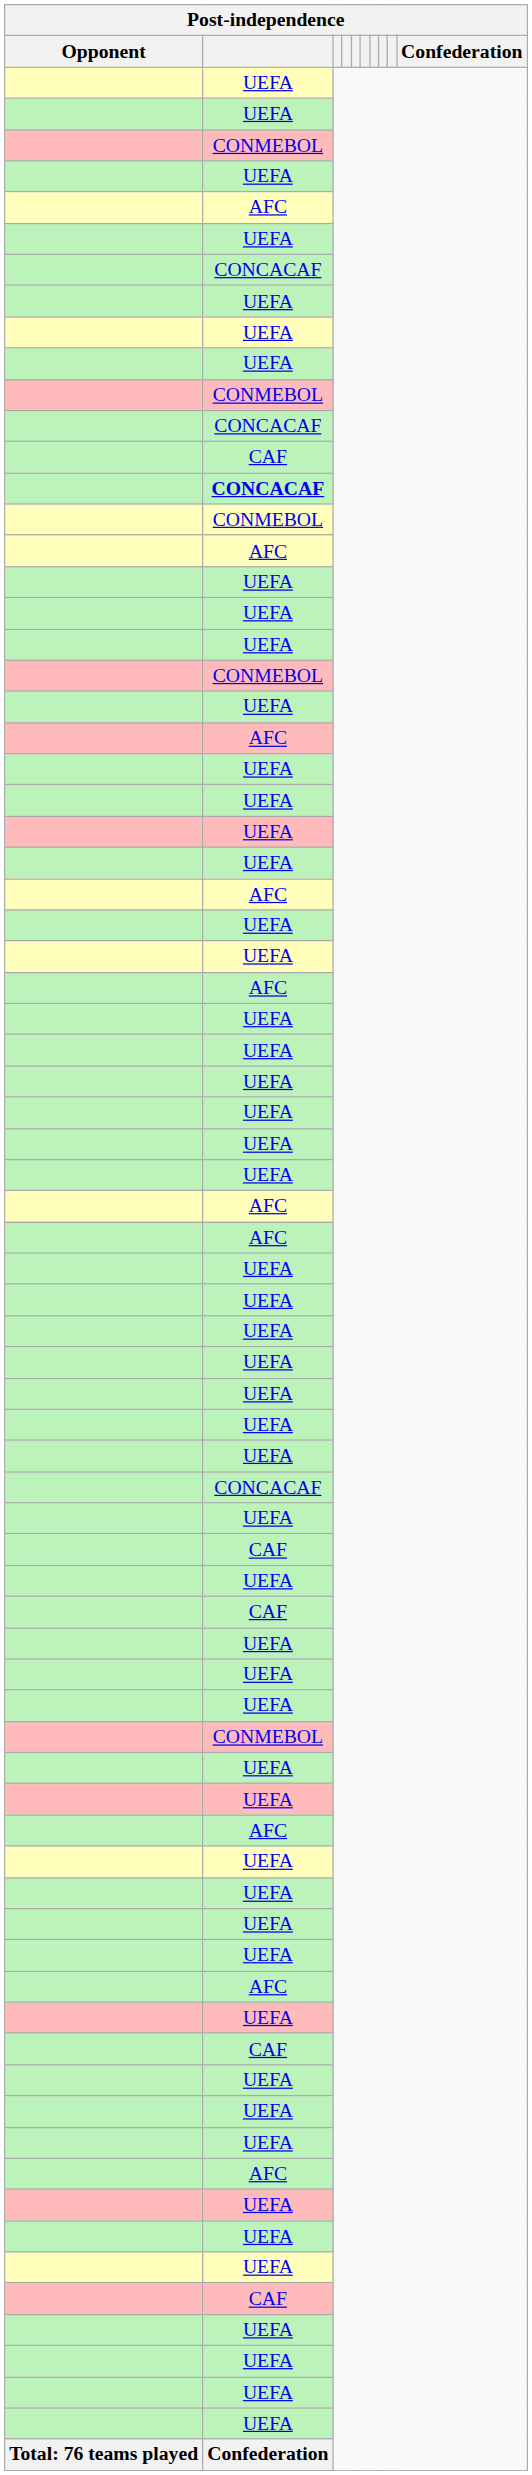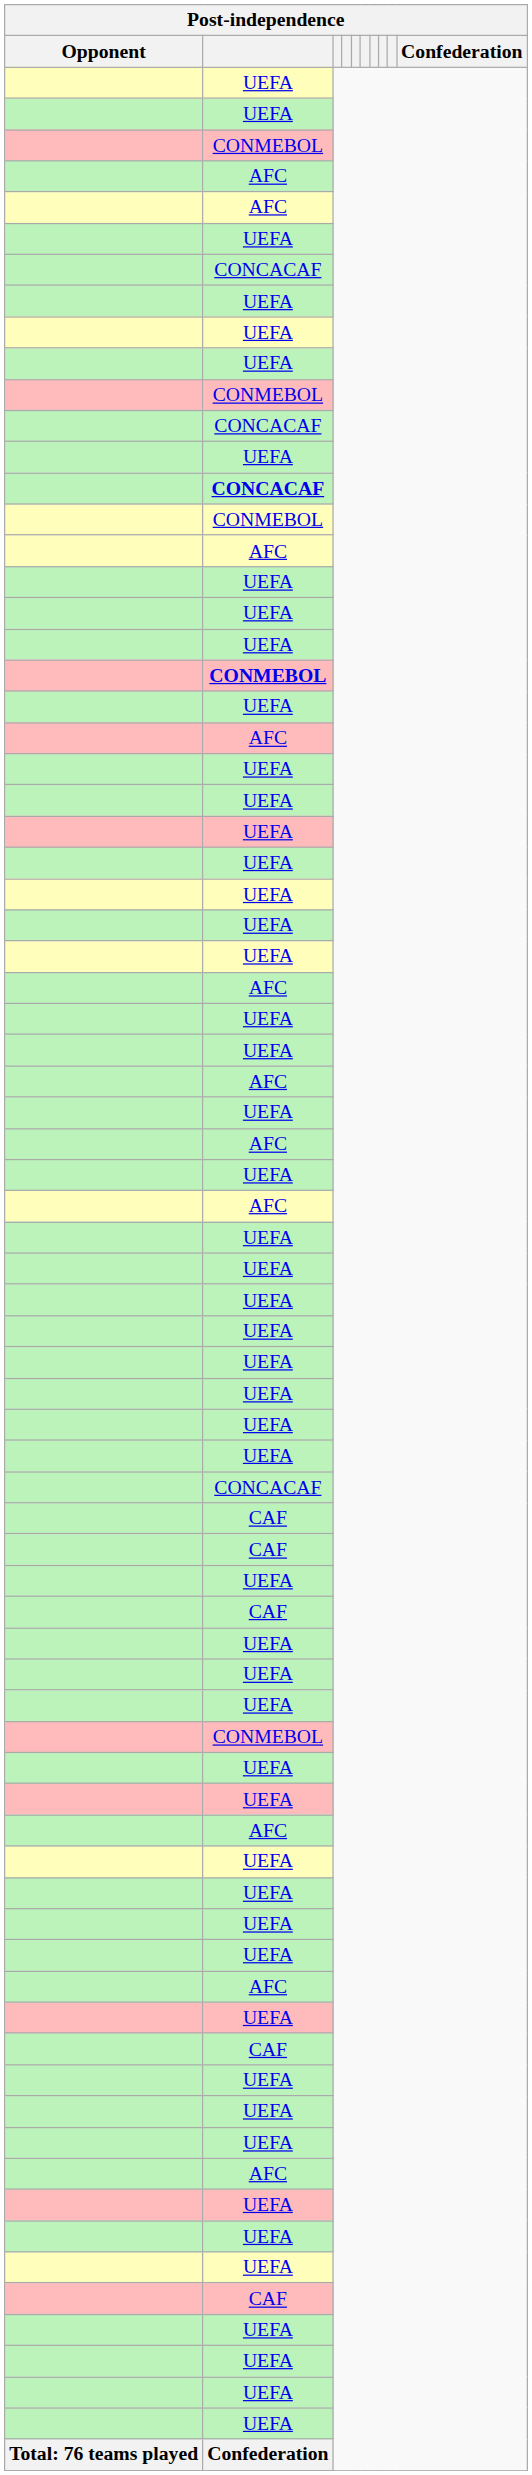 <table class="wikitable sortable" style="text-align: center">
 <tr>
 <th colspan="10">Post-independence</th>
 </tr>
 <tr style="color:black;">
 <th>Opponent</th>
 <th></th>
 <th></th>
 <th></th>
 <th></th>
 <th></th>
 <th></th>
 <th></th>
 <th></th>
 <th>Confederation</th>
 </tr>
 <tr bgcolor="#ffffbb">
 <td style="text-align:left;"><br></td>
 <td><a href='#'>UEFA</a></td>
 </tr>
 <tr bgcolor="#bbf3bb">
 <td style="text-align:left;"><br></td>
 <td><a href='#'>UEFA</a></td>
 </tr>
 <tr bgcolor="#ffbbbb">
 <td style="text-align:left;"><br></td>
 <td><a href='#'>CONMEBOL</a></td>
 </tr>
 <tr bgcolor="#bbf3bb">
 <td style="text-align:left;"><br></td>
-<td><a href='#'>UEFA</a></td>
+<td><a href='#'>AFC</a></td>
 </tr>
 <tr bgcolor="#ffffbb">
 <td style="text-align:left;"><br></td>
 <td><a href='#'>AFC</a></td>
 </tr>
 <tr bgcolor="#bbf3bb">
 <td style="text-align:left;"><br></td>
 <td><a href='#'>UEFA</a></td>
 </tr>
 <tr bgcolor="#bbf3bb">
 <td style="text-align:left;"><br></td>
 <td><a href='#'>CONCACAF</a></td>
 </tr>
 <tr bgcolor="#bbf3bb">
 <td style="text-align:left;"><br></td>
 <td><a href='#'>UEFA</a></td>
 </tr>
 <tr bgcolor="#ffffbb">
 <td style="text-align:left;"><br></td>
 <td><a href='#'>UEFA</a></td>
 </tr>
 <tr bgcolor="#bbf3bb">
 <td style="text-align:left;"><br></td>
 <td><a href='#'>UEFA</a></td>
 </tr>
 <tr bgcolor="#ffbbbb">
 <td style="text-align:left;"><br></td>
 <td><a href='#'>CONMEBOL</a></td>
 </tr>
 <tr bgcolor="#bbf3bb">
 <td style="text-align:left;"><br></td>
 <td><a href='#'>CONCACAF</a></td>
 </tr>
 <tr bgcolor="#bbf3bb">
 <td style="text-align:left;"><br></td>
-<td><a href='#'>CAF</a></td>
+<td><a href='#'>UEFA</a></td>
 </tr>
 <tr bgcolor="#bbf3bb">
 <td style="text-align:left;"><br></td>
 <td><strong><a href='#'>CONCACAF</a></strong></td>
 </tr>
 <tr bgcolor="#ffffbb">
 <td style="text-align:left;"><br></td>
 <td><a href='#'>CONMEBOL</a></td>
 </tr>
 <tr bgcolor="#ffffbb">
 <td style="text-align:left;"><br></td>
 <td><a href='#'>AFC</a></td>
 </tr>
 <tr bgcolor="#bbf3bb">
 <td style="text-align:left;"><br></td>
 <td><a href='#'>UEFA</a></td>
 </tr>
 <tr bgcolor="#bbf3bb">
 <td style="text-align:left;"><br></td>
 <td><a href='#'>UEFA</a></td>
 </tr>
 <tr bgcolor="#bbf3bb">
 <td style="text-align:left;"><br></td>
 <td><a href='#'>UEFA</a></td>
 </tr>
 <tr bgcolor="#ffbbbb">
 <td style="text-align:left;"><br></td>
-<td><a href='#'>CONMEBOL</a></td>
+<td><strong><a href='#'>CONMEBOL</a></strong></td>
 </tr>
 <tr bgcolor="#bbf3bb">
 <td style="text-align:left;"><br></td>
 <td><a href='#'>UEFA</a></td>
 </tr>
 <tr bgcolor="#ffbbbb">
 <td style="text-align:left;"><br></td>
 <td><a href='#'>AFC</a></td>
 </tr>
 <tr bgcolor="#bbf3bb">
 <td style="text-align:left;"><br></td>
 <td><a href='#'>UEFA</a></td>
 </tr>
 <tr bgcolor="#bbf3bb">
 <td style="text-align:left;"><br></td>
 <td><a href='#'>UEFA</a></td>
 </tr>
 <tr bgcolor="#ffbbbb">
 <td style="text-align:left;"><br></td>
 <td><a href='#'>UEFA</a></td>
 </tr>
 <tr bgcolor="#bbf3bb">
 <td style="text-align:left;"><br></td>
 <td><a href='#'>UEFA</a></td>
 </tr>
 <tr bgcolor="#ffffbb">
 <td style="text-align:left;"><br></td>
-<td><a href='#'>AFC</a></td>
+<td><a href='#'>UEFA</a></td>
 </tr>
 <tr bgcolor="#bbf3bb">
 <td style="text-align:left;"><br></td>
 <td><a href='#'>UEFA</a></td>
 </tr>
 <tr bgcolor="#ffffbb">
 <td style="text-align:left;"><br></td>
 <td><a href='#'>UEFA</a></td>
 </tr>
 <tr bgcolor="#bbf3bb">
 <td style="text-align:left;"><br></td>
 <td><a href='#'>AFC</a></td>
 </tr>
 <tr bgcolor="#bbf3bb">
 <td style="text-align:left;"><br></td>
 <td><a href='#'>UEFA</a></td>
 </tr>
 <tr bgcolor="#bbf3bb">
 <td style="text-align:left;"><br></td>
 <td><a href='#'>UEFA</a></td>
 </tr>
 <tr bgcolor="#bbf3bb">
 <td style="text-align:left;"><br></td>
-<td><a href='#'>UEFA</a></td>
+<td><a href='#'>AFC</a></td>
 </tr>
 <tr bgcolor="#bbf3bb">
 <td style="text-align:left;"><br></td>
 <td><a href='#'>UEFA</a></td>
 </tr>
 <tr bgcolor="#bbf3bb">
 <td style="text-align:left;"><br></td>
-<td><a href='#'>UEFA</a></td>
+<td><a href='#'>AFC</a></td>
 </tr>
 <tr bgcolor="#bbf3bb">
 <td style="text-align:left;"><br></td>
 <td><a href='#'>UEFA</a></td>
 </tr>
 <tr bgcolor="#ffffbb">
 <td style="text-align:left;"><br></td>
 <td><a href='#'>AFC</a></td>
 </tr>
 <tr bgcolor="#bbf3bb">
 <td style="text-align:left;"><br></td>
-<td><a href='#'>AFC</a></td>
+<td><a href='#'>UEFA</a></td>
 </tr>
 <tr bgcolor="#bbf3bb">
 <td style="text-align:left;"><br></td>
 <td><a href='#'>UEFA</a></td>
 </tr>
 <tr bgcolor="#bbf3bb">
 <td style="text-align:left;"><br></td>
 <td><a href='#'>UEFA</a></td>
 </tr>
 <tr bgcolor="#bbf3bb">
 <td style="text-align:left;"><br></td>
 <td><a href='#'>UEFA</a></td>
 </tr>
 <tr bgcolor="#bbf3bb">
 <td style="text-align:left;"><br></td>
 <td><a href='#'>UEFA</a></td>
 </tr>
 <tr bgcolor="#bbf3bb">
 <td style="text-align:left;"><br></td>
 <td><a href='#'>UEFA</a></td>
 </tr>
 <tr bgcolor="#bbf3bb">
 <td style="text-align:left;"><br></td>
 <td><a href='#'>UEFA</a></td>
 </tr>
 <tr bgcolor="#bbf3bb">
 <td style="text-align:left;"><br></td>
 <td><a href='#'>UEFA</a></td>
 </tr>
 <tr bgcolor="#bbf3bb">
 <td style="text-align:left;"><br></td>
 <td><a href='#'>CONCACAF</a></td>
 </tr>
 <tr bgcolor="#bbf3bb">
 <td style="text-align:left;"><br></td>
-<td><a href='#'>UEFA</a></td>
+<td><a href='#'>CAF</a></td>
 </tr>
 <tr bgcolor="#bbf3bb">
 <td style="text-align:left;"><br></td>
 <td><a href='#'>CAF</a></td>
 </tr>
 <tr bgcolor="#bbf3bb">
 <td style="text-align:left;"><br></td>
 <td><a href='#'>UEFA</a></td>
 </tr>
 <tr bgcolor="#bbf3bb">
 <td style="text-align:left;"><br></td>
 <td><a href='#'>CAF</a></td>
 </tr>
 <tr bgcolor="#bbf3bb">
 <td style="text-align:left;"><br></td>
 <td><a href='#'>UEFA</a></td>
 </tr>
 <tr bgcolor="#bbf3bb">
 <td style="text-align:left;"><br></td>
 <td><a href='#'>UEFA</a></td>
 </tr>
 <tr bgcolor="#bbf3bb">
 <td style="text-align:left;"><br></td>
 <td><a href='#'>UEFA</a></td>
 </tr>
 <tr bgcolor="#ffbbbb">
 <td style="text-align:left;"><br></td>
 <td><a href='#'>CONMEBOL</a></td>
 </tr>
 <tr bgcolor="#bbf3bb">
 <td style="text-align:left;"><br></td>
 <td><a href='#'>UEFA</a></td>
 </tr>
 <tr bgcolor="#ffbbbb">
 <td style="text-align:left;"><br></td>
 <td><a href='#'>UEFA</a></td>
 </tr>
 <tr bgcolor="#bbf3bb">
 <td style="text-align:left;"><br></td>
 <td><a href='#'>AFC</a></td>
 </tr>
 <tr bgcolor="#ffffbb">
 <td style="text-align:left;"><br></td>
 <td><a href='#'>UEFA</a></td>
 </tr>
 <tr bgcolor="#bbf3bb">
 <td style="text-align:left;"><br></td>
 <td><a href='#'>UEFA</a></td>
 </tr>
 <tr bgcolor="#bbf3bb">
 <td style="text-align:left;"><br></td>
 <td><a href='#'>UEFA</a></td>
 </tr>
 <tr bgcolor="#bbf3bb">
 <td style="text-align:left;"><br></td>
 <td><a href='#'>UEFA</a></td>
 </tr>
 <tr bgcolor="#bbf3bb">
 <td style="text-align:left;"><br></td>
 <td><a href='#'>AFC</a></td>
 </tr>
 <tr bgcolor="#ffbbbb">
 <td style="text-align:left;"><br></td>
 <td><a href='#'>UEFA</a></td>
 </tr>
 <tr bgcolor="#bbf3bb">
 <td style="text-align:left;"><br></td>
 <td><a href='#'>CAF</a></td>
 </tr>
 <tr bgcolor="#bbf3bb">
 <td style="text-align:left;"><br></td>
 <td><a href='#'>UEFA</a></td>
 </tr>
 <tr bgcolor="#bbf3bb">
 <td style="text-align:left;"><br></td>
 <td><a href='#'>UEFA</a></td>
 </tr>
 <tr bgcolor="#bbf3bb">
 <td style="text-align:left;"><br></td>
 <td><a href='#'>UEFA</a></td>
 </tr>
 <tr bgcolor="#bbf3bb">
 <td style="text-align:left;"><br></td>
 <td><a href='#'>AFC</a></td>
 </tr>
 <tr bgcolor="#ffbbbb">
 <td style="text-align:left;"><br></td>
 <td><a href='#'>UEFA</a></td>
 </tr>
 <tr bgcolor="#bbf3bb">
 <td style="text-align:left;"><br></td>
 <td><a href='#'>UEFA</a></td>
 </tr>
 <tr bgcolor="#ffffbb">
 <td style="text-align:left;"><br></td>
 <td><a href='#'>UEFA</a></td>
 </tr>
 <tr bgcolor="#ffbbbb">
 <td style="text-align:left;"><br></td>
 <td><a href='#'>CAF</a></td>
 </tr>
 <tr bgcolor="#bbf3bb">
 <td style="text-align:left;"><br></td>
 <td><a href='#'>UEFA</a></td>
 </tr>
 <tr bgcolor="#bbf3bb">
 <td style="text-align:left;"><br></td>
 <td><a href='#'>UEFA</a></td>
 </tr>
 <tr bgcolor="#bbf3bb">
 <td style="text-align:left;"><br></td>
 <td><a href='#'>UEFA</a></td>
 </tr>
 <tr bgcolor="#bbf3bb">
 <td style="text-align:left;"><br></td>
 <td><a href='#'>UEFA</a></td>
 </tr>
 <tr class="sortbottom">
 <th>Total: 76 teams played<br></th>
 <th>Confederation</th>
 </tr>
 <tr>
 </tr>
 </table>
